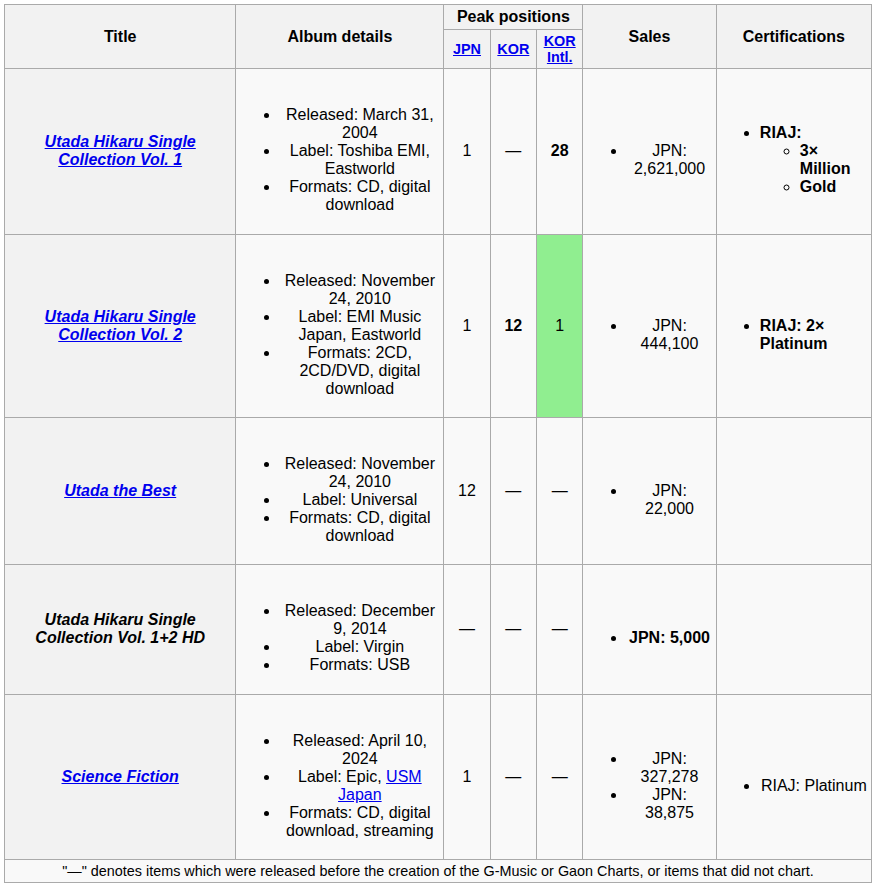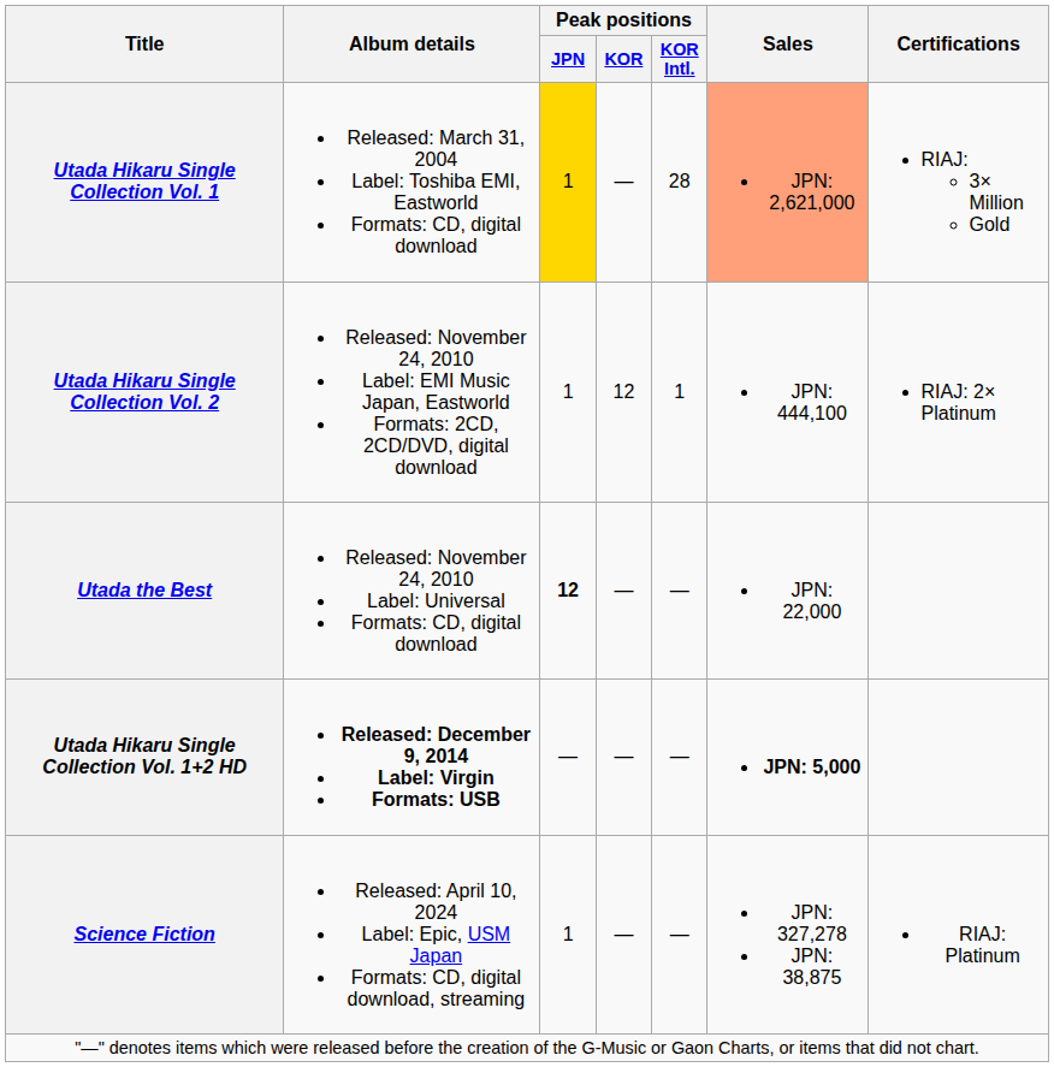 <table class="wikitable plainrowheaders" style="text-align:center;">
 <tr>
 <th rowspan="2" style="width:14em;">Title</th>
 <th rowspan="2">Album details</th>
 <th colspan="3">Peak positions</th>
 <th rowspan="2">Sales</th>
 <th rowspan="2">Certifications</th>
 </tr>
 <tr>
 <th scope="col" style="width:2.75em;font-size:90%;"><a href='#'>JPN</a><br></th>
 <th scope="col" style="width:2.75em;font-size:90%;"><a href='#'>KOR</a><br></th>
 <th scope="col" style="width:2.75em;font-size:90%;"><a href='#'>KOR Intl.</a><br></th>
 </tr>
 <tr>
 <th scope="row"><em><a href='#'>Utada Hikaru Single Collection Vol. 1</a></em></th>
 <td><br><ul><li>Released: March 31, 2004</li><li>Label: Toshiba EMI, Eastworld</li><li>Formats: CD, digital download</li></ul></td>
-<td>1</td>
+<td style="background: gold;">1</td>
 <td>—</td>
-<td><strong>28</strong></td>
-<td><br><ul><li>JPN: 2,621,000</li></ul></td>
-<td align="left"><strong><br><ul><li>RIAJ:<ul><li>3× Million </li><li>Gold </li></ul></li></ul></strong></td>
+<td>28</td>
+<td style="background: lightsalmon;"><br><ul><li>JPN: 2,621,000</li></ul></td>
+<td align="left"><br><ul><li>RIAJ:<ul><li>3× Million </li><li>Gold </li></ul></li></ul></td>
 </tr>
 <tr>
 <th scope="row"><em><a href='#'>Utada Hikaru Single Collection Vol. 2</a></em></th>
 <td><br><ul><li>Released: November 24, 2010</li><li>Label: EMI Music Japan, Eastworld</li><li>Formats: 2CD, 2CD/DVD, digital download</li></ul></td>
 <td>1</td>
-<td><strong>12</strong></td>
-<td style="background: lightgreen;">1</td>
+<td>12</td>
+<td>1</td>
 <td><br><ul><li>JPN: 444,100</li></ul></td>
-<td align="left"><strong><br><ul><li>RIAJ: 2× Platinum</li></ul></strong></td>
+<td align="left"><br><ul><li>RIAJ: 2× Platinum</li></ul></td>
 </tr>
 <tr>
 <th scope="row"><em><a href='#'>Utada the Best</a></em><br></th>
 <td><br><ul><li>Released: November 24, 2010</li><li>Label: Universal</li><li>Formats: CD, digital download</li></ul></td>
-<td>12</td>
+<td><strong>12</strong></td>
 <td>—</td>
 <td>—</td>
 <td><br><ul><li>JPN: 22,000</li></ul></td>
 <td align="left"></td>
 </tr>
 <tr>
 <th scope="row"><em>Utada Hikaru Single Collection Vol. 1+2 HD</em></th>
-<td><br><ul><li>Released: December 9, 2014</li><li>Label: Virgin</li><li>Formats: USB</li></ul></td>
+<td><strong><br><ul><li>Released: December 9, 2014</li><li>Label: Virgin</li><li>Formats: USB</li></ul></strong></td>
 <td>—</td>
 <td>—</td>
 <td>—</td>
 <td><strong><br><ul><li>JPN: 5,000</li></ul></strong></td>
 <td align="left"></td>
 </tr>
 <tr>
 <th scope="row"><em><a href='#'>Science Fiction</a></em></th>
 <td><br><ul><li>Released: April 10, 2024</li><li>Label: Epic, <a href='#'>USM Japan</a></li><li>Formats: CD, digital download, streaming</li></ul></td>
 <td>1</td>
 <td>—</td>
 <td>—</td>
 <td><br><ul><li>JPN: 327,278</li><li>JPN: 38,875 </li></ul></td>
 <td><br><ul><li>RIAJ: Platinum </li></ul></td>
 </tr>
 <tr>
 <td colspan="12" align="center" style="font-size:90%;">"—" denotes items which were released before the creation of the G-Music or Gaon Charts, or items that did not chart.</td>
 </tr>
 </table>
